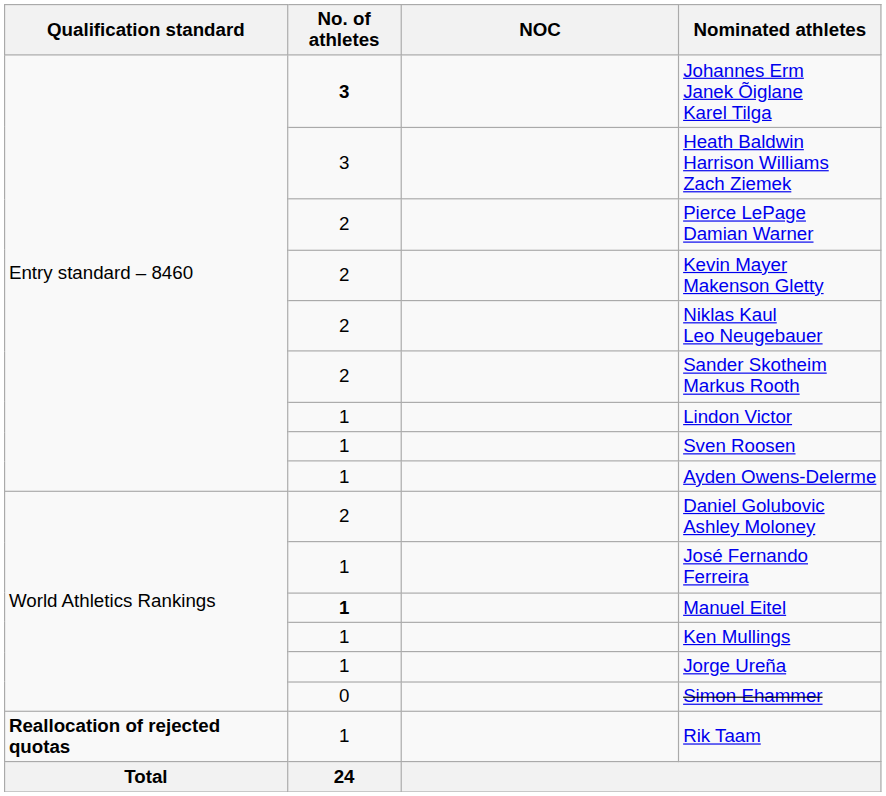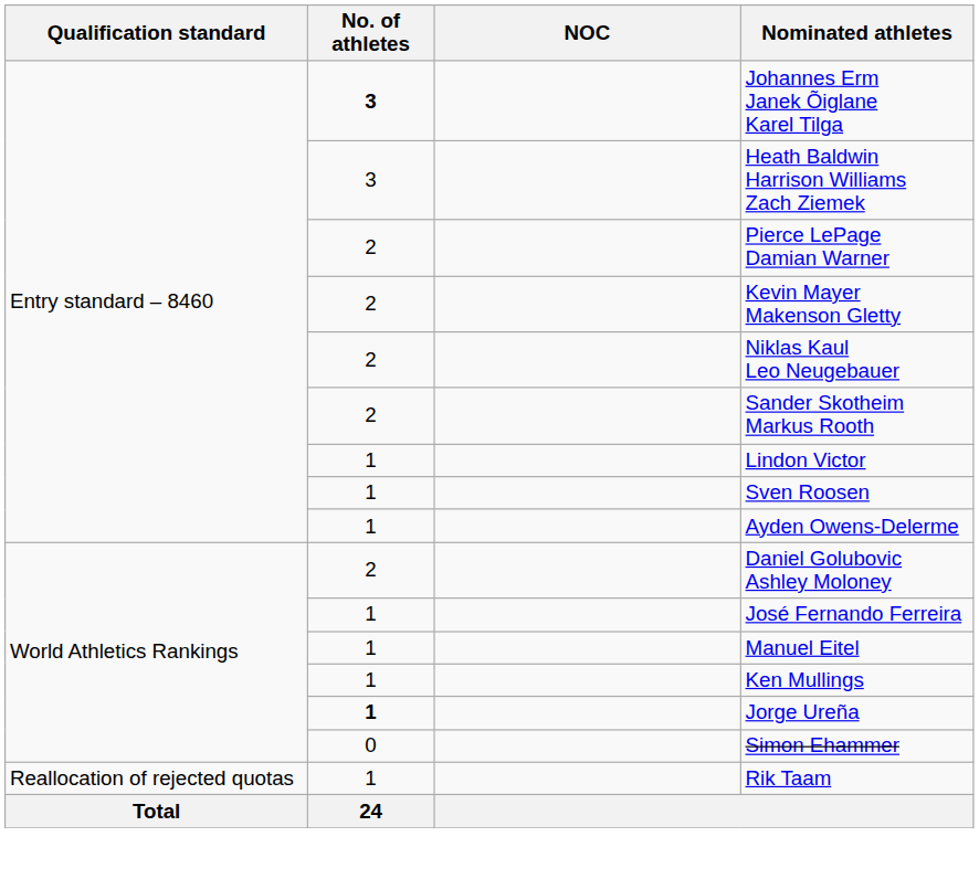 <table class="wikitable sortable" style="text-align:left; width:750px;">
 <tr>
 <th>Qualification standard</th>
 <th width=90>No. of athletes</th>
 <th width=230>NOC</th>
 <th>Nominated athletes</th>
 </tr>
 <tr>
 <td rowspan=9>Entry standard – 8460</td>
 <td align=center><strong>3</strong></td>
 <td></td>
 <td><a href='#'>Johannes Erm</a><br><a href='#'>Janek Õiglane</a><br><a href='#'>Karel Tilga</a></td>
 </tr>
 <tr>
 <td align=center>3</td>
 <td></td>
 <td><a href='#'>Heath Baldwin</a><br><a href='#'>Harrison Williams</a><br><a href='#'>Zach Ziemek</a></td>
 </tr>
 <tr>
 <td align=center>2</td>
 <td></td>
 <td><a href='#'>Pierce LePage</a><br><a href='#'>Damian Warner</a></td>
 </tr>
 <tr>
 <td align=center>2</td>
 <td></td>
 <td><a href='#'>Kevin Mayer</a><br><a href='#'>Makenson Gletty</a></td>
 </tr>
 <tr>
 <td align=center>2</td>
 <td></td>
 <td><a href='#'>Niklas Kaul</a><br><a href='#'>Leo Neugebauer</a></td>
 </tr>
 <tr>
 <td align=center>2</td>
 <td></td>
 <td><a href='#'>Sander Skotheim</a><br><a href='#'>Markus Rooth</a></td>
 </tr>
 <tr>
 <td align=center>1</td>
 <td></td>
 <td><a href='#'>Lindon Victor</a></td>
 </tr>
 <tr>
 <td align=center>1</td>
 <td></td>
 <td><a href='#'>Sven Roosen</a></td>
 </tr>
 <tr>
 <td align=center>1</td>
 <td></td>
 <td><a href='#'>Ayden Owens-Delerme</a></td>
 </tr>
 <tr>
 <td rowspan=6>World Athletics Rankings</td>
 <td align=center>2</td>
 <td></td>
 <td><a href='#'>Daniel Golubovic</a><br><a href='#'>Ashley Moloney</a></td>
 </tr>
 <tr>
 <td align=center>1</td>
 <td></td>
 <td><a href='#'>José Fernando Ferreira</a></td>
 </tr>
 <tr>
-<td align=center><strong>1</strong></td>
+<td align=center>1</td>
 <td></td>
 <td><a href='#'>Manuel Eitel</a></td>
 </tr>
 <tr>
 <td align=center>1</td>
 <td></td>
 <td><a href='#'>Ken Mullings</a></td>
 </tr>
 <tr>
-<td align=center>1</td>
+<td align=center><strong>1</strong></td>
 <td></td>
 <td><a href='#'>Jorge Ureña</a></td>
 </tr>
 <tr>
 <td align=center>0</td>
 <td></td>
 <td><s><a href='#'>Simon Ehammer</a></s></td>
 </tr>
 <tr>
-<td><strong>Reallocation of rejected quotas</strong></td>
+<td>Reallocation of rejected quotas</td>
 <td align=center>1</td>
 <td></td>
 <td><a href='#'>Rik Taam</a></td>
 </tr>
 <tr>
 <th>Total</th>
 <th>24</th>
 <th colspan=2></th>
 </tr>
 </table>
